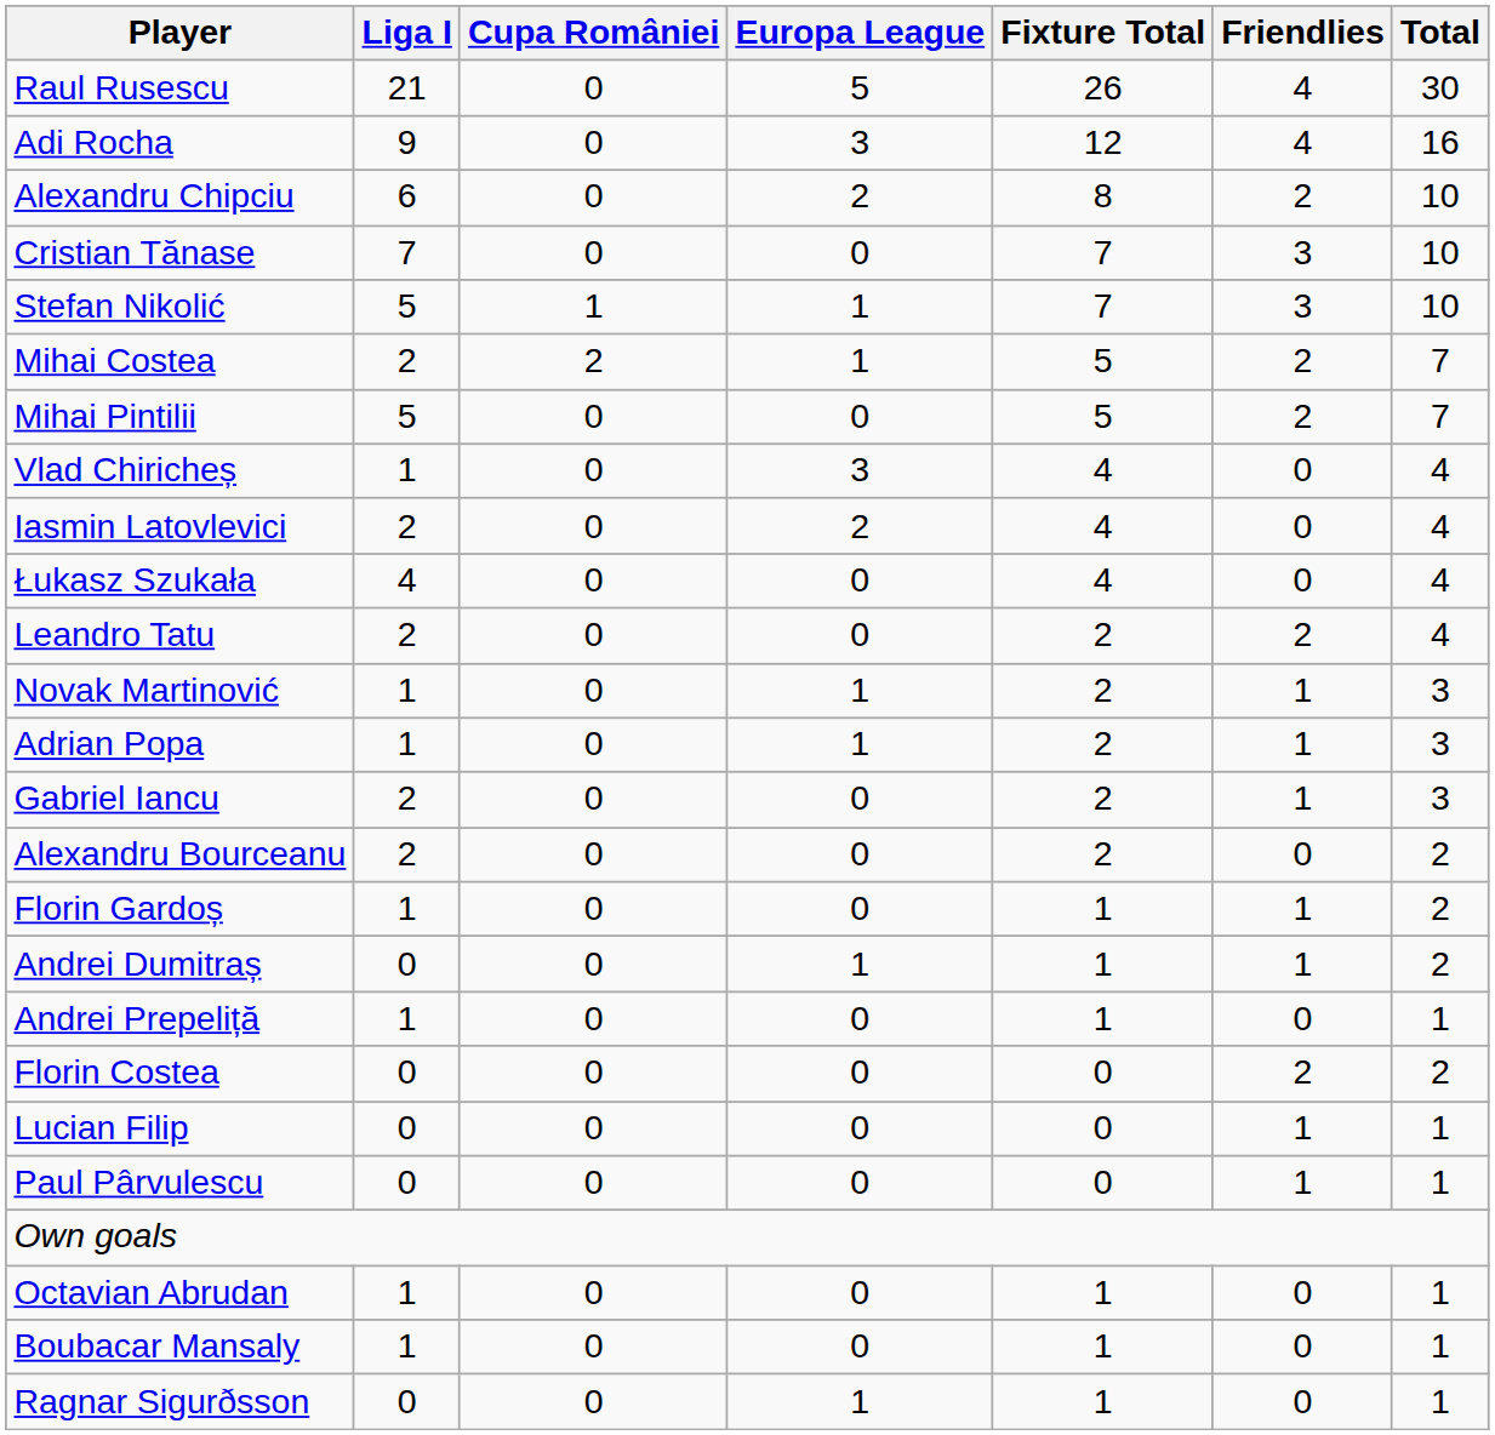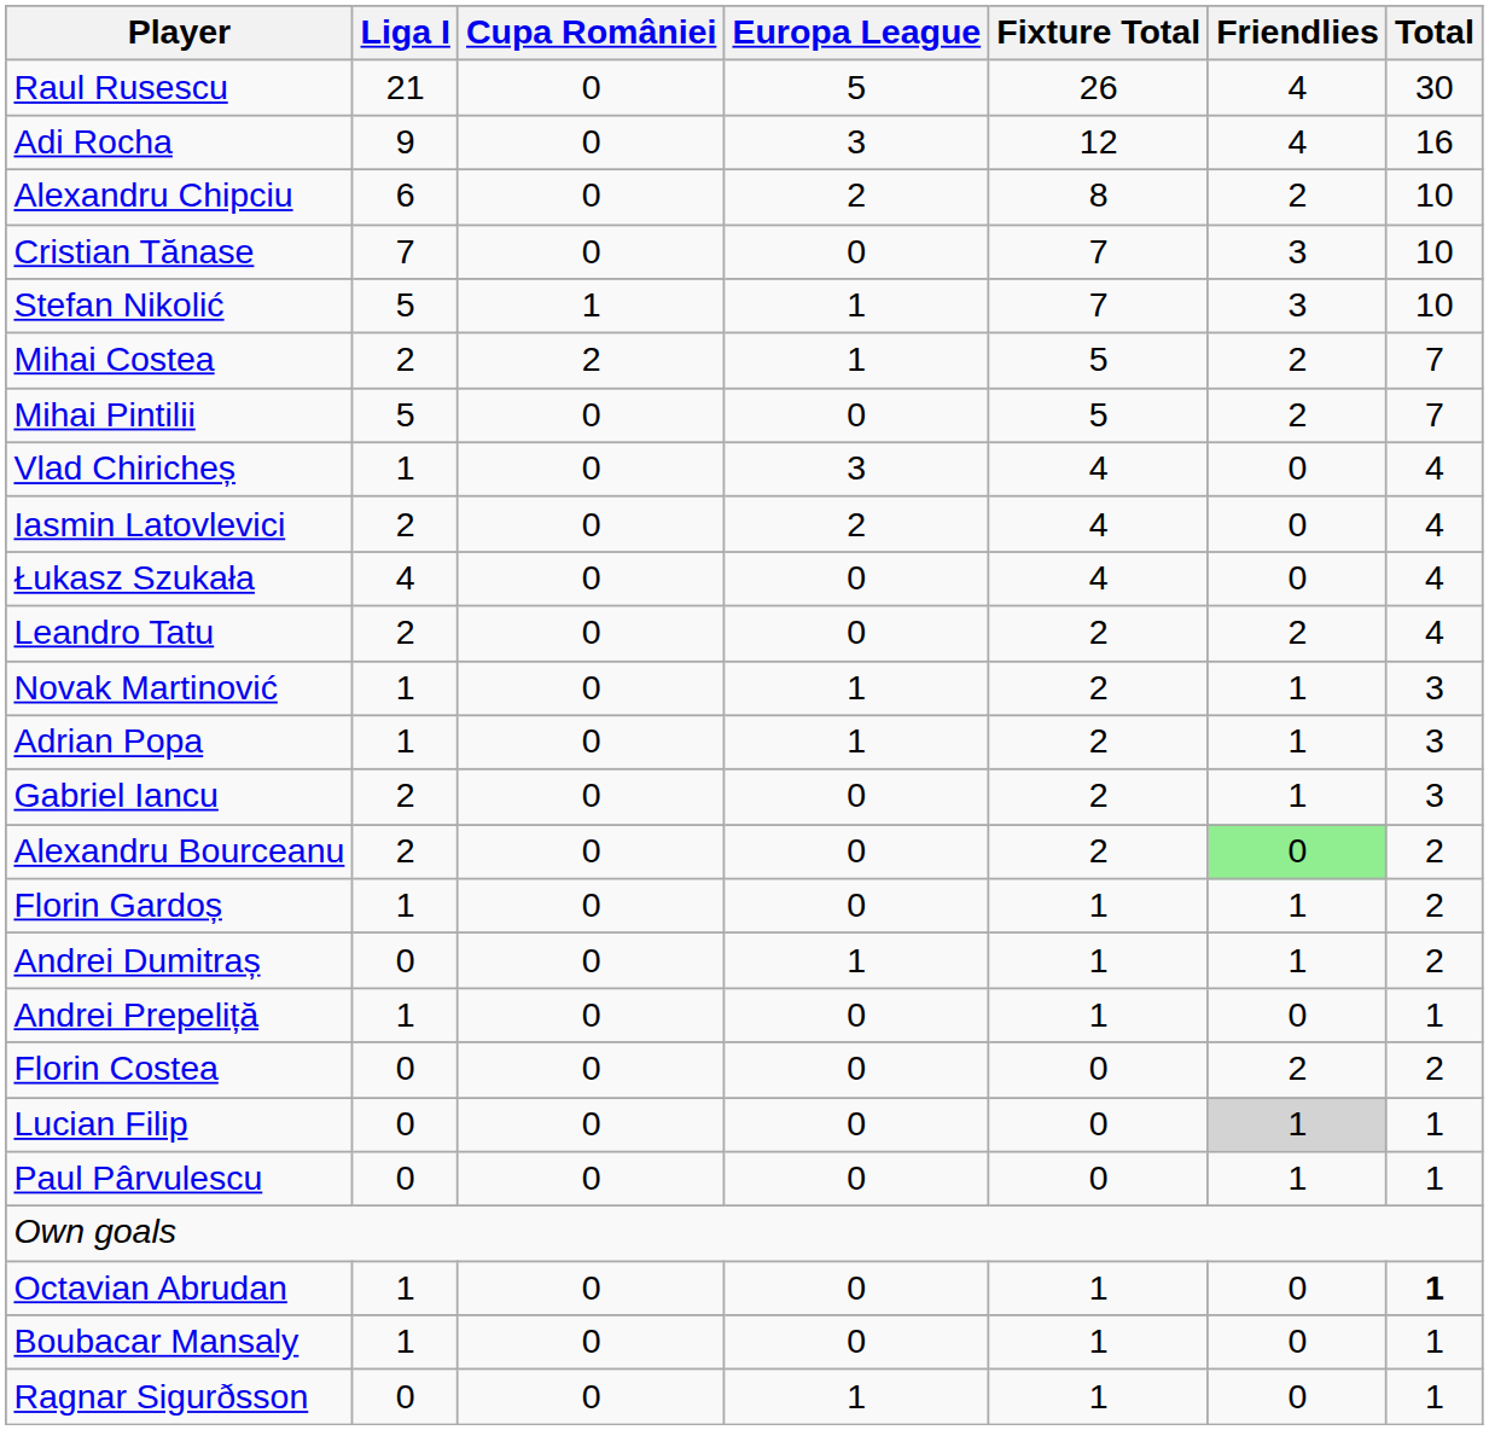 <table class="wikitable sortable">
 <tr>
 <th>Player</th>
 <th><a href='#'>Liga I</a></th>
 <th><a href='#'>Cupa României</a></th>
 <th><a href='#'>Europa League</a></th>
 <th>Fixture Total</th>
 <th>Friendlies</th>
 <th>Total</th>
 </tr>
 <tr>
 <td style="text-align:left;"> <a href='#'>Raul Rusescu</a></td>
 <td align=center>21</td>
 <td align=center>0</td>
 <td align=center>5</td>
 <td align=center>26</td>
 <td align=center>4</td>
 <td align=center>30</td>
 </tr>
 <tr>
 <td style="text-align:left;"> <a href='#'>Adi Rocha</a></td>
 <td align=center>9</td>
 <td align=center>0</td>
 <td align=center>3</td>
 <td align=center>12</td>
 <td align=center>4</td>
 <td align=center>16</td>
 </tr>
 <tr>
 <td style="text-align:left;"> <a href='#'>Alexandru Chipciu</a></td>
 <td align=center>6</td>
 <td align=center>0</td>
 <td align=center>2</td>
 <td align=center>8</td>
 <td align=center>2</td>
 <td align=center>10</td>
 </tr>
 <tr>
 <td style="text-align:left;"> <a href='#'>Cristian Tănase</a></td>
 <td align=center>7</td>
 <td align=center>0</td>
 <td align=center>0</td>
 <td align=center>7</td>
 <td align=center>3</td>
 <td align=center>10</td>
 </tr>
 <tr>
 <td style="text-align:left;"> <a href='#'>Stefan Nikolić</a></td>
 <td align=center>5</td>
 <td align=center>1</td>
 <td align=center>1</td>
 <td align=center>7</td>
 <td align=center>3</td>
 <td align=center>10</td>
 </tr>
 <tr>
 <td style="text-align:left;"> <a href='#'>Mihai Costea</a></td>
 <td align=center>2</td>
 <td align=center>2</td>
 <td align=center>1</td>
 <td align=center>5</td>
 <td align=center>2</td>
 <td align=center>7</td>
 </tr>
 <tr>
 <td style="text-align:left;"> <a href='#'>Mihai Pintilii</a></td>
 <td align=center>5</td>
 <td align=center>0</td>
 <td align=center>0</td>
 <td align=center>5</td>
 <td align=center>2</td>
 <td align=center>7</td>
 </tr>
 <tr>
 <td style="text-align:left;"> <a href='#'>Vlad Chiricheș</a></td>
 <td align=center>1</td>
 <td align=center>0</td>
 <td align=center>3</td>
 <td align=center>4</td>
 <td align=center>0</td>
 <td align=center>4</td>
 </tr>
 <tr>
 <td style="text-align:left;"> <a href='#'>Iasmin Latovlevici</a></td>
 <td align=center>2</td>
 <td align=center>0</td>
 <td align=center>2</td>
 <td align=center>4</td>
 <td align=center>0</td>
 <td align=center>4</td>
 </tr>
 <tr>
 <td style="text-align:left;"> <a href='#'>Łukasz Szukała</a></td>
 <td align=center>4</td>
 <td align=center>0</td>
 <td align=center>0</td>
 <td align=center>4</td>
 <td align=center>0</td>
 <td align=center>4</td>
 </tr>
 <tr>
 <td style="text-align:left;"> <a href='#'>Leandro Tatu</a></td>
 <td align=center>2</td>
 <td align=center>0</td>
 <td align=center>0</td>
 <td align=center>2</td>
 <td align=center>2</td>
 <td align=center>4</td>
 </tr>
 <tr>
 <td style="text-align:left;"> <a href='#'>Novak Martinović</a></td>
 <td align=center>1</td>
 <td align=center>0</td>
 <td align=center>1</td>
 <td align=center>2</td>
 <td align=center>1</td>
 <td align=center>3</td>
 </tr>
 <tr>
 <td style="text-align:left;"> <a href='#'>Adrian Popa</a></td>
 <td align=center>1</td>
 <td align=center>0</td>
 <td align=center>1</td>
 <td align=center>2</td>
 <td align=center>1</td>
 <td align=center>3</td>
 </tr>
 <tr>
 <td style="text-align:left;"> <a href='#'>Gabriel Iancu</a></td>
 <td align=center>2</td>
 <td align=center>0</td>
 <td align=center>0</td>
 <td align=center>2</td>
 <td align=center>1</td>
 <td align=center>3</td>
 </tr>
 <tr>
 <td style="text-align:left;"> <a href='#'>Alexandru Bourceanu</a></td>
 <td align=center>2</td>
 <td align=center>0</td>
 <td align=center>0</td>
 <td align=center>2</td>
-<td align=center>0</td>
+<td align=center style="background: lightgreen;">0</td>
 <td align=center>2</td>
 </tr>
 <tr>
 <td style="text-align:left;"> <a href='#'>Florin Gardoș</a></td>
 <td align=center>1</td>
 <td align=center>0</td>
 <td align=center>0</td>
 <td align=center>1</td>
 <td align=center>1</td>
 <td align=center>2</td>
 </tr>
 <tr>
 <td style="text-align:left;"> <a href='#'>Andrei Dumitraș</a></td>
 <td align=center>0</td>
 <td align=center>0</td>
 <td align=center>1</td>
 <td align=center>1</td>
 <td align=center>1</td>
 <td align=center>2</td>
 </tr>
 <tr>
 <td style="text-align:left;"> <a href='#'>Andrei Prepeliță</a></td>
 <td align=center>1</td>
 <td align=center>0</td>
 <td align=center>0</td>
 <td align=center>1</td>
 <td align=center>0</td>
 <td align=center>1</td>
 </tr>
 <tr>
 <td style="text-align:left;"> <a href='#'>Florin Costea</a></td>
 <td align=center>0</td>
 <td align=center>0</td>
 <td align=center>0</td>
 <td align=center>0</td>
 <td align=center>2</td>
 <td align=center>2</td>
 </tr>
 <tr>
 <td style="text-align:left;"> <a href='#'>Lucian Filip</a></td>
 <td align=center>0</td>
 <td align=center>0</td>
 <td align=center>0</td>
 <td align=center>0</td>
-<td align=center>1</td>
+<td align=center style="background: lightgrey;">1</td>
 <td align=center>1</td>
 </tr>
 <tr>
 <td style="text-align:left;"> <a href='#'>Paul Pârvulescu</a></td>
 <td align=center>0</td>
 <td align=center>0</td>
 <td align=center>0</td>
 <td align=center>0</td>
 <td align=center>1</td>
 <td align=center>1</td>
 </tr>
 <tr>
 <td colspan="8"><em>Own goals</em></td>
 </tr>
 <tr>
 <td style="text-align:left;"> <a href='#'>Octavian Abrudan</a></td>
 <td align=center>1</td>
 <td align=center>0</td>
 <td align=center>0</td>
 <td align=center>1</td>
 <td align=center>0</td>
-<td align=center>1</td>
+<td align=center><strong>1</strong></td>
 </tr>
 <tr>
 <td style="text-align:left;"> <a href='#'>Boubacar Mansaly</a></td>
 <td align=center>1</td>
 <td align=center>0</td>
 <td align=center>0</td>
 <td align=center>1</td>
 <td align=center>0</td>
 <td align=center>1</td>
 </tr>
 <tr>
 <td style="text-align:left;"> <a href='#'>Ragnar Sigurðsson</a></td>
 <td align=center>0</td>
 <td align=center>0</td>
 <td align=center>1</td>
 <td align=center>1</td>
 <td align=center>0</td>
 <td align=center>1</td>
 </tr>
 <tr>
 </tr>
 </table>
